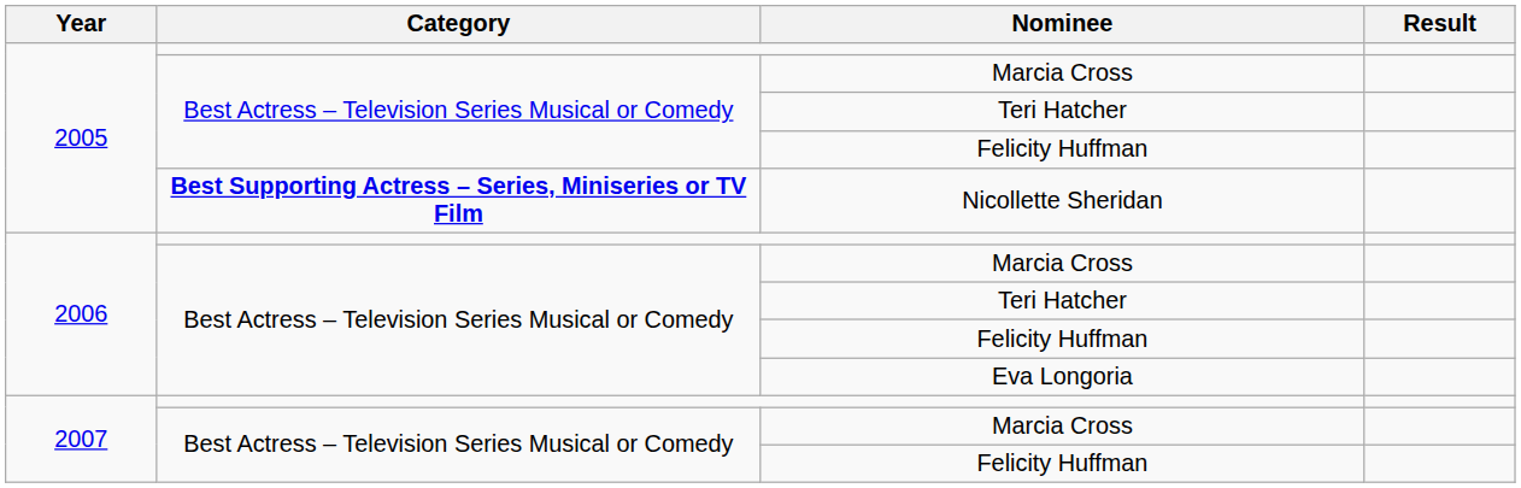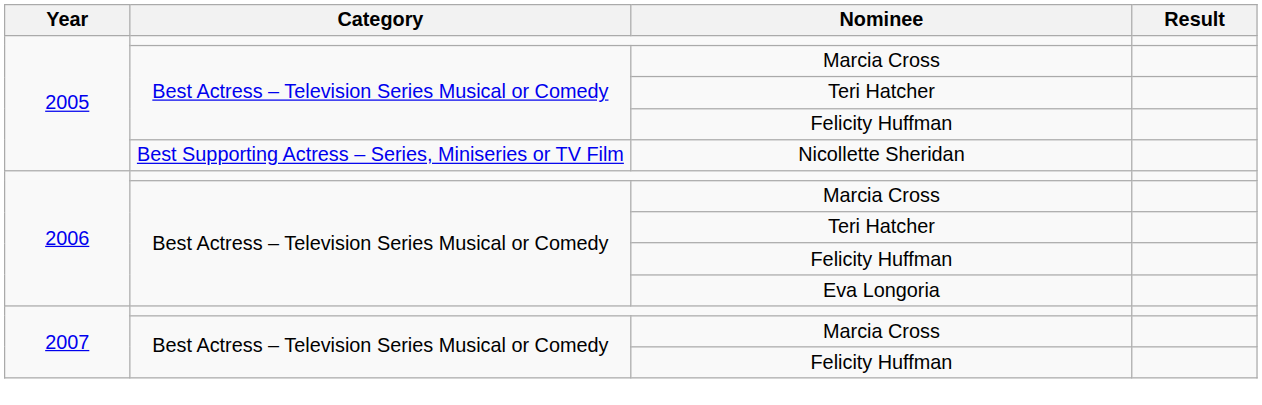 <table class="wikitable" width="80%">
 <tr>
 <th width="10%">Year</th>
 <th width="40%">Category</th>
 <th width="40%">Nominee</th>
 <th width="10%">Result</th>
 </tr>
 <tr>
 <td rowspan="5" align="center"><a href='#'>2005</a></td>
 <td colspan="2" align="center"></td>
 <td></td>
 </tr>
 <tr>
 <td rowspan="3" align="center"><a href='#'>Best Actress – Television Series Musical or Comedy</a></td>
 <td align="center">Marcia Cross</td>
 <td></td>
 </tr>
 <tr>
 <td align="center">Teri Hatcher</td>
 <td></td>
 </tr>
 <tr>
 <td align="center">Felicity Huffman</td>
 <td></td>
 </tr>
 <tr>
-<td align="center"><strong><a href='#'>Best Supporting Actress – Series, Miniseries or TV Film</a></strong></td>
+<td align="center"><a href='#'>Best Supporting Actress – Series, Miniseries or TV Film</a></td>
 <td align="center">Nicollette Sheridan</td>
 <td></td>
 </tr>
 <tr>
 <td rowspan="5" align="center"><a href='#'>2006</a></td>
 <td colspan="2" align="center"></td>
 <td></td>
 </tr>
 <tr>
 <td rowspan="4" align="center">Best Actress – Television Series Musical or Comedy</td>
 <td align="center">Marcia Cross</td>
 <td></td>
 </tr>
 <tr>
 <td align="center">Teri Hatcher</td>
 <td></td>
 </tr>
 <tr>
 <td align="center">Felicity Huffman</td>
 <td></td>
 </tr>
 <tr>
 <td align="center">Eva Longoria</td>
 <td></td>
 </tr>
 <tr>
 <td rowspan="3" align="center"><a href='#'>2007</a></td>
 <td colspan="2" align="center"></td>
 <td></td>
 </tr>
 <tr>
 <td rowspan="2" align="center">Best Actress – Television Series Musical or Comedy</td>
 <td align="center">Marcia Cross</td>
 <td></td>
 </tr>
 <tr>
 <td align="center">Felicity Huffman</td>
 <td></td>
 </tr>
 </table>
